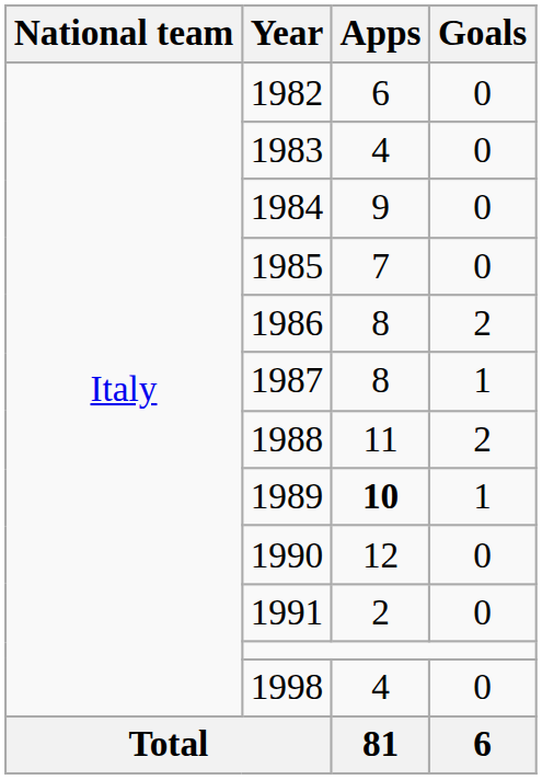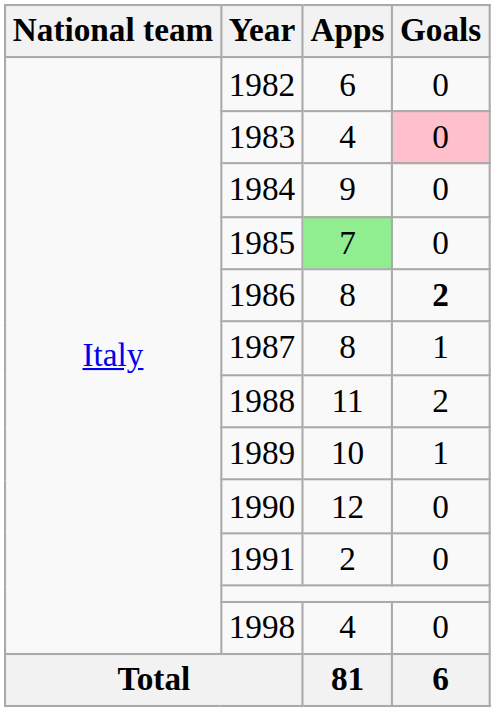 <table class="wikitable" style="text-align:center">
 <tr>
 <th>National team</th>
 <th>Year</th>
 <th>Apps</th>
 <th>Goals</th>
 </tr>
 <tr>
 <td rowspan="12"><a href='#'>Italy</a></td>
 <td>1982</td>
 <td>6</td>
 <td>0</td>
 </tr>
 <tr>
 <td>1983</td>
 <td>4</td>
-<td>0</td>
+<td style="background: pink;">0</td>
 </tr>
 <tr>
 <td>1984</td>
 <td>9</td>
 <td>0</td>
 </tr>
 <tr>
 <td>1985</td>
-<td>7</td>
+<td style="background: lightgreen;">7</td>
 <td>0</td>
 </tr>
 <tr>
 <td>1986</td>
 <td>8</td>
-<td>2</td>
+<td><strong>2</strong></td>
 </tr>
 <tr>
 <td>1987</td>
 <td>8</td>
 <td>1</td>
 </tr>
 <tr>
 <td>1988</td>
 <td>11</td>
 <td>2</td>
 </tr>
 <tr>
 <td>1989</td>
-<td><strong>10</strong></td>
+<td>10</td>
 <td>1</td>
 </tr>
 <tr>
 <td>1990</td>
 <td>12</td>
 <td>0</td>
 </tr>
 <tr>
 <td>1991</td>
 <td>2</td>
 <td>0</td>
 </tr>
 <tr>
 <td colspan="3"></td>
 </tr>
 <tr>
 <td>1998</td>
 <td>4</td>
 <td>0</td>
 </tr>
 <tr>
 <th colspan="2">Total</th>
 <th>81</th>
 <th>6</th>
 </tr>
 </table>
